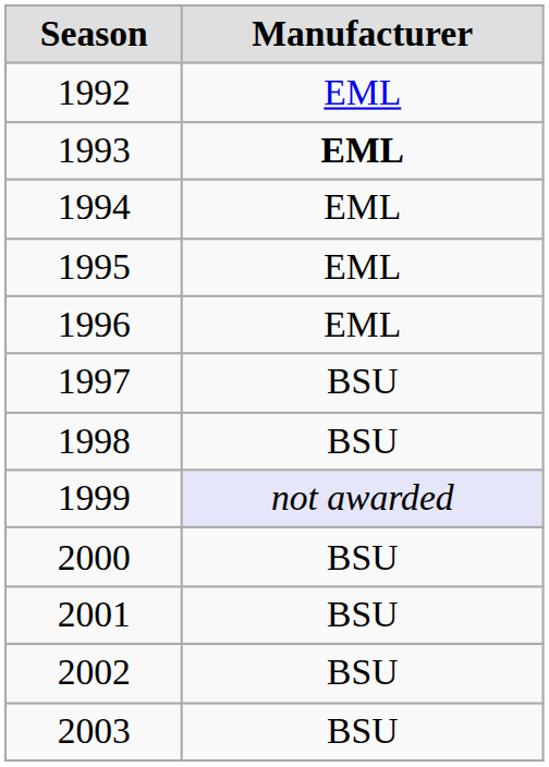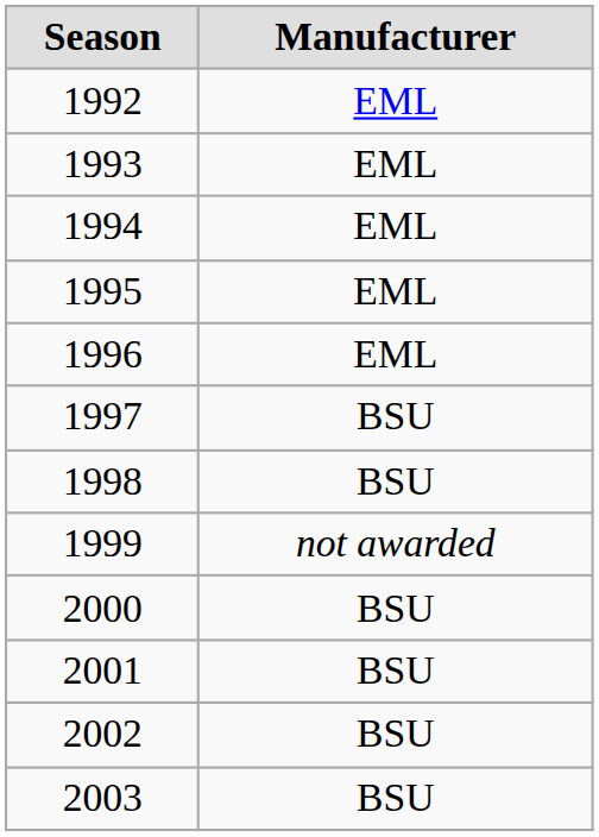 <table class="wikitable">
 <tr align="center" style="background:#dfdfdf;">
 <td width="70"><strong>Season</strong></td>
 <td width="150"><strong>Manufacturer</strong></td>
 </tr>
 <tr align="center">
 <td>1992</td>
 <td><a href='#'>EML</a></td>
 </tr>
 <tr align="center">
 <td>1993</td>
-<td><strong>EML</strong></td>
+<td>EML</td>
 </tr>
 <tr align="center">
 <td>1994</td>
 <td>EML</td>
 </tr>
 <tr align="center">
 <td>1995</td>
 <td>EML</td>
 </tr>
 <tr align="center">
 <td>1996</td>
 <td>EML</td>
 </tr>
 <tr align="center">
 <td>1997</td>
 <td>BSU</td>
 </tr>
 <tr align="center">
 <td>1998</td>
 <td>BSU</td>
 </tr>
 <tr align="center">
 <td>1999</td>
-<td style="background: lavender;"><em>not awarded</em></td>
+<td><em>not awarded</em></td>
 </tr>
 <tr align="center">
 <td>2000</td>
 <td>BSU</td>
 </tr>
 <tr align="center">
 <td>2001</td>
 <td>BSU</td>
 </tr>
 <tr align="center">
 <td>2002</td>
 <td>BSU</td>
 </tr>
 <tr align="center">
 <td>2003</td>
 <td>BSU</td>
 </tr>
 </table>
